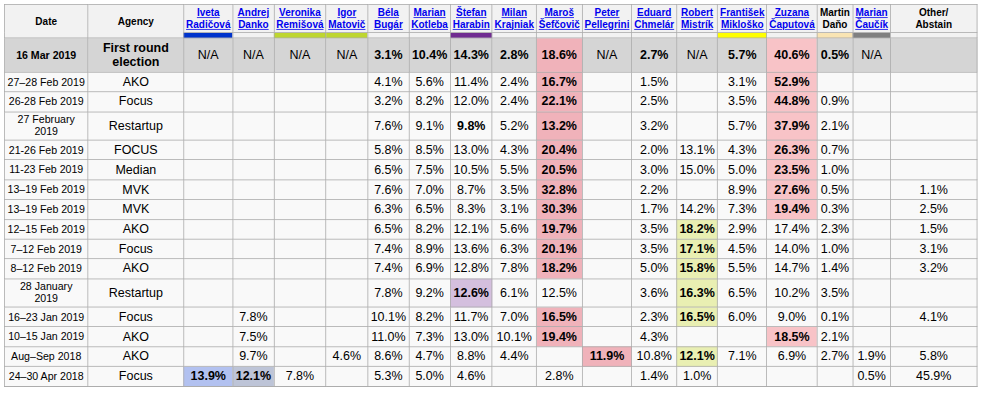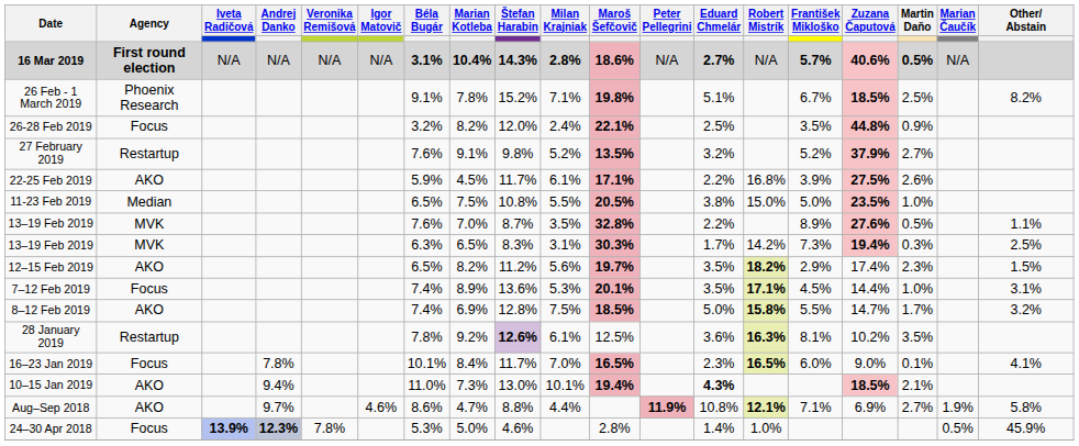 <table class="wikitable" style="text-align:center;">
 <tr style="font-size:80%;">
 <th style="width:150px;" rowspan="2">Date</th>
 <th style="width:165px;" rowspan="2">Agency</th>
 <th><a href='#'>Iveta Radičová</a></th>
 <th><a href='#'>Andrej Danko</a></th>
 <th><a href='#'>Veronika Remišová</a></th>
 <th><a href='#'>Igor Matovič</a></th>
 <th><a href='#'>Béla Bugár</a></th>
 <th><a href='#'>Marian Kotleba</a></th>
 <th><a href='#'>Štefan Harabin</a></th>
 <th><a href='#'>Milan Krajniak</a></th>
 <th><a href='#'>Maroš Šefčovič</a></th>
 <th><a href='#'>Peter Pellegrini</a></th>
 <th><a href='#'>Eduard Chmelár</a></th>
 <th><a href='#'>Robert Mistrík</a></th>
 <th><a href='#'>František Mikloško</a></th>
 <th><a href='#'>Zuzana Čaputová</a></th>
 <th>Martin Daňo</th>
 <th><a href='#'>Marian Čaučík</a></th>
 <th>Other/<br>Abstain</th>
 </tr>
 <tr>
 <th style="background:#0033cc; width:40px;"></th>
 <th style="background:"></th>
 <th style="background:#BED62F; width:40px;"></th>
 <th style="background:#BED62F; width:40px;"></th>
 <th style="background:"></th>
 <th style="background:"></th>
 <th style="background:#702C91; width:40px;"></th>
 <th style="background:"></th>
 <th style="background:"></th>
 <th style="background:"></th>
 <th style="background:"></th>
 <th style="background:"></th>
 <th style="background:#FFFF00; width:40px;"></th>
 <th style="background:"></th>
 <th style="background:#f9e4b3; width:40px;"></th>
 <th style="background:#808080; width:40px;"></th>
 <th style="width:165px;"></th>
 </tr>
 <tr>
 <td style="font-size:85%; background:#D5D5D5"><strong>16 Mar 2019</strong></td>
 <td style="background:#D5D5D5"><strong>First round election</strong></td>
 <td style="background:#D5D5D5">N/A</td>
 <td style="background:#D5D5D5">N/A</td>
 <td style="background:#D5D5D5">N/A</td>
 <td style="background:#D5D5D5">N/A</td>
 <td style="background:#D5D5D5"><strong>3.1%</strong></td>
 <td style="background:#D5D5D5"><strong>10.4%</strong></td>
 <td style="background:#D5D5D5"><strong>14.3%</strong></td>
 <td style="background:#D5D5D5"><strong>2.8%</strong></td>
 <td style="background:#F0B2BA"><strong>18.6%</strong></td>
 <td style="background:#D5D5D5">N/A</td>
 <td style="background:#D5D5D5"><strong>2.7%</strong></td>
 <td style="background:#D5D5D5">N/A</td>
 <td style="background:#D5D5D5"><strong>5.7%</strong></td>
 <td style="background:#F8C3C7"><strong>40.6%</strong></td>
 <td style="background:#D5D5D5"><strong>0.5%</strong></td>
 <td style="background:#D5D5D5">N/A</td>
 <td style="background:#D5D5D5"></td>
 </tr>
 <tr>
-<td style="font-size:85%;">27–28 Feb 2019</td>
-<td>AKO</td>
+<td style="font-size:85%;">26 Feb - 1 March 2019</td>
+<td>Phoenix Research</td>
 <td></td>
 <td></td>
 <td></td>
 <td></td>
-<td>4.1%</td>
-<td>5.6%</td>
-<td>11.4%</td>
-<td>2.4%</td>
-<td style="background:#F0B2BA"><strong>16.7%</strong></td>
+<td>9.1%</td>
+<td>7.8%</td>
+<td>15.2%</td>
+<td>7.1%</td>
+<td style="background:#F0B2BA"><strong>19.8%</strong></td>
 <td></td>
-<td>1.5%</td>
+<td>5.1%</td>
 <td></td>
-<td>3.1%</td>
-<td style="background:#F8C3C7"><strong>52.9%</strong></td>
+<td>6.7%</td>
+<td style="background:#F8C3C7"><strong>18.5%</strong></td>
+<td>2.5%</td>
 <td></td>
-<td></td>
-<td></td>
+<td>8.2%</td>
 </tr>
 <tr>
 <td style="font-size:85%;">26-28 Feb 2019</td>
 <td>Focus</td>
 <td></td>
 <td></td>
 <td></td>
 <td></td>
 <td>3.2%</td>
 <td>8.2%</td>
 <td>12.0%</td>
 <td>2.4%</td>
 <td style="background:#F0B2BA"><strong>22.1%</strong></td>
 <td></td>
 <td>2.5%</td>
 <td></td>
 <td>3.5%</td>
 <td style="background:#F8C3C7"><strong>44.8%</strong></td>
 <td>0.9%</td>
 <td></td>
 <td></td>
 </tr>
 <tr>
 <td style="font-size:85%;">27 February 2019</td>
 <td>Restartup</td>
 <td></td>
 <td></td>
 <td></td>
 <td></td>
 <td>7.6%</td>
 <td>9.1%</td>
-<td><strong>9.8%</strong></td>
+<td>9.8%</td>
 <td>5.2%</td>
-<td style="background:#F0B2BA"><strong>13.2%</strong></td>
+<td style="background:#F0B2BA"><strong>13.5%</strong></td>
 <td></td>
 <td>3.2%</td>
 <td></td>
-<td>5.7%</td>
+<td>5.2%</td>
 <td style="background:#F8C3C7"><strong>37.9%</strong></td>
-<td>2.1%</td>
+<td>2.7%</td>
 <td></td>
 <td></td>
 </tr>
 <tr>
-<td style="font-size:85%;">21-26 Feb 2019</td>
-<td>FOCUS</td>
+<td style="font-size:85%;">22-25 Feb 2019</td>
+<td>AKO</td>
 <td></td>
 <td></td>
 <td></td>
 <td></td>
-<td>5.8%</td>
-<td>8.5%</td>
-<td>13.0%</td>
-<td>4.3%</td>
-<td style="background:#F0B2BA"><strong>20.4%</strong></td>
+<td>5.9%</td>
+<td>4.5%</td>
+<td>11.7%</td>
+<td>6.1%</td>
+<td style="background:#F0B2BA"><strong>17.1%</strong></td>
 <td></td>
-<td>2.0%</td>
-<td>13.1%</td>
-<td>4.3%</td>
-<td style="background:#F8C3C7"><strong>26.3%</strong></td>
-<td>0.7%</td>
+<td>2.2%</td>
+<td>16.8%</td>
+<td>3.9%</td>
+<td style="background:#F8C3C7"><strong>27.5%</strong></td>
+<td>2.6%</td>
 <td></td>
 <td></td>
 </tr>
 <tr>
 <td style="font-size:85%;">11-23 Feb 2019</td>
 <td>Median</td>
 <td></td>
 <td></td>
 <td></td>
 <td></td>
 <td>6.5%</td>
 <td>7.5%</td>
-<td>10.5%</td>
+<td>10.8%</td>
 <td>5.5%</td>
 <td style="background:#F0B2BA"><strong>20.5%</strong></td>
 <td></td>
-<td>3.0%</td>
+<td>3.8%</td>
 <td>15.0%</td>
 <td>5.0%</td>
 <td style="background:#F8C3C7"><strong>23.5%</strong></td>
 <td>1.0%</td>
 <td></td>
 <td></td>
 </tr>
 <tr>
 <td style="font-size:85%;">13–19 Feb 2019</td>
 <td>MVK</td>
 <td></td>
 <td></td>
 <td></td>
 <td></td>
 <td>7.6%</td>
 <td>7.0%</td>
 <td>8.7%</td>
 <td>3.5%</td>
 <td style="background:#F0B2BA"><strong>32.8%</strong></td>
 <td></td>
 <td>2.2%</td>
 <td></td>
 <td>8.9%</td>
 <td style="background:#F8C3C7"><strong>27.6%</strong></td>
 <td>0.5%</td>
 <td></td>
 <td>1.1%</td>
 </tr>
 <tr>
 <td style="font-size:85%;">13–19 Feb 2019</td>
 <td>MVK</td>
 <td></td>
 <td></td>
 <td></td>
 <td></td>
 <td>6.3%</td>
 <td>6.5%</td>
 <td>8.3%</td>
 <td>3.1%</td>
 <td style="background:#F0B2BA"><strong>30.3%</strong></td>
 <td></td>
 <td>1.7%</td>
 <td>14.2%</td>
 <td>7.3%</td>
 <td style="background:#F8C3C7"><strong>19.4%</strong></td>
 <td>0.3%</td>
 <td></td>
 <td>2.5%</td>
 </tr>
 <tr>
 <td style="font-size:85%;">12–15 Feb 2019</td>
 <td>AKO</td>
 <td></td>
 <td></td>
 <td></td>
 <td></td>
 <td>6.5%</td>
 <td>8.2%</td>
-<td>12.1%</td>
+<td>11.2%</td>
 <td>5.6%</td>
 <td style="background:#F0B2BA"><strong>19.7%</strong></td>
 <td></td>
 <td>3.5%</td>
 <td style="background:#E9EFB2"><strong>18.2%</strong></td>
 <td>2.9%</td>
 <td>17.4%</td>
 <td>2.3%</td>
 <td></td>
 <td>1.5%</td>
 </tr>
 <tr>
 <td style="font-size:85%;">7–12 Feb 2019</td>
 <td>Focus</td>
 <td></td>
 <td></td>
 <td></td>
 <td></td>
 <td>7.4%</td>
 <td>8.9%</td>
 <td>13.6%</td>
-<td>6.3%</td>
+<td>5.3%</td>
 <td style="background:#F0B2BA"><strong>20.1%</strong></td>
 <td></td>
 <td>3.5%</td>
 <td style="background:#E9EFB2"><strong>17.1%</strong></td>
 <td>4.5%</td>
-<td>14.0%</td>
+<td>14.4%</td>
 <td>1.0%</td>
 <td></td>
 <td>3.1%</td>
 </tr>
 <tr>
 <td style="font-size:85%;">8–12 Feb 2019</td>
 <td>AKO</td>
 <td></td>
 <td></td>
 <td></td>
 <td></td>
 <td>7.4%</td>
 <td>6.9%</td>
 <td>12.8%</td>
-<td>7.8%</td>
-<td style="background:#F0B2BA"><strong>18.2%</strong></td>
+<td>7.5%</td>
+<td style="background:#F0B2BA"><strong>18.5%</strong></td>
 <td></td>
 <td>5.0%</td>
 <td style="background:#E9EFB2"><strong>15.8%</strong></td>
 <td>5.5%</td>
 <td>14.7%</td>
-<td>1.4%</td>
+<td>1.7%</td>
 <td></td>
 <td>3.2%</td>
 </tr>
 <tr>
 <td style="font-size:85%;">28 January 2019</td>
 <td>Restartup</td>
 <td></td>
 <td></td>
 <td></td>
 <td></td>
 <td>7.8%</td>
 <td>9.2%</td>
 <td style="background:#D4BFDE"><strong>12.6%</strong></td>
 <td>6.1%</td>
 <td>12.5%</td>
 <td></td>
 <td>3.6%</td>
 <td style="background:#E9EFB2"><strong>16.3%</strong></td>
-<td>6.5%</td>
+<td>8.1%</td>
 <td>10.2%</td>
 <td>3.5%</td>
 <td></td>
 <td></td>
 </tr>
 <tr>
 <td style="font-size:85%;">16–23 Jan 2019</td>
 <td>Focus</td>
 <td></td>
 <td>7.8%</td>
 <td></td>
 <td></td>
 <td>10.1%</td>
-<td>8.2%</td>
+<td>8.4%</td>
 <td>11.7%</td>
 <td>7.0%</td>
 <td style="background:#F0B2BA"><strong>16.5%</strong></td>
 <td></td>
 <td>2.3%</td>
 <td style="background:#E9EFB2"><strong>16.5%</strong></td>
 <td>6.0%</td>
 <td>9.0%</td>
 <td>0.1%</td>
 <td></td>
 <td>4.1%</td>
 </tr>
 <tr>
 <td style="font-size:85%;">10–15 Jan 2019</td>
 <td>AKO</td>
 <td></td>
-<td>7.5%</td>
+<td>9.4%</td>
 <td></td>
 <td></td>
 <td>11.0%</td>
 <td>7.3%</td>
 <td>13.0%</td>
 <td>10.1%</td>
 <td style="background:#F0B2BA"><strong>19.4%</strong></td>
 <td></td>
-<td>4.3%</td>
+<td><strong>4.3%</strong></td>
 <td></td>
 <td></td>
 <td style="background:#F8C3C7"><strong>18.5%</strong></td>
 <td>2.1%</td>
 <td></td>
 <td></td>
 </tr>
 <tr>
 <td style="font-size:85%;">Aug–Sep 2018</td>
 <td>AKO</td>
 <td></td>
 <td>9.7%</td>
 <td></td>
 <td>4.6%</td>
 <td>8.6%</td>
 <td>4.7%</td>
 <td>8.8%</td>
 <td>4.4%</td>
 <td></td>
 <td style="background:#F0B2BA"><strong>11.9%</strong></td>
 <td>10.8%</td>
 <td style="background:#E9EFB2"><strong>12.1%</strong></td>
 <td>7.1%</td>
 <td>6.9%</td>
 <td>2.7%</td>
 <td>1.9%</td>
 <td>5.8%</td>
 </tr>
 <tr>
 <td style="font-size:85%;">24–30 Apr 2018</td>
 <td>Focus</td>
 <td style="background:#b2c1f0"><strong>13.9%</strong></td>
-<td style="background:#bdc4d7"><strong>12.1%</strong></td>
+<td style="background:#bdc4d7"><strong>12.3%</strong></td>
 <td>7.8%</td>
 <td></td>
 <td>5.3%</td>
 <td>5.0%</td>
 <td>4.6%</td>
 <td></td>
 <td>2.8%</td>
 <td></td>
 <td>1.4%</td>
 <td>1.0%</td>
 <td></td>
 <td></td>
 <td></td>
 <td>0.5%</td>
 <td>45.9%</td>
 </tr>
 <tr>
 </tr>
 </table>
